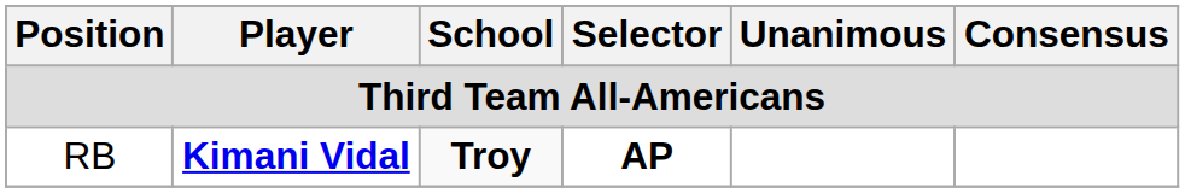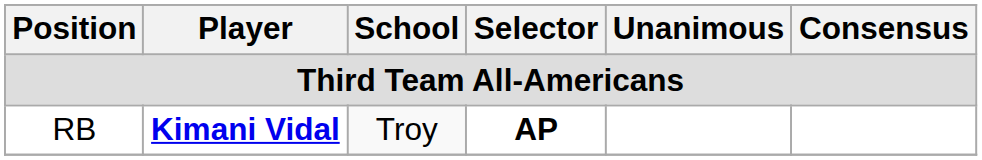 <table class="wikitable" border="0">
 <tr>
 <th>Position</th>
 <th>Player</th>
 <th>School</th>
 <th>Selector</th>
 <th>Unanimous</th>
 <th>Consensus</th>
 </tr>
 <tr>
 <td colspan="6" style="text-align:center; background:#ddd;"><strong>Third Team All-Americans</strong></td>
 </tr>
 <tr style="text-align:center;">
 <td style="background:white">RB</td>
 <td style="background:white"><strong><a href='#'>Kimani Vidal</a></strong></td>
-<td style=><strong>Troy</strong></td>
+<td style=>Troy</td>
 <td style="background:white"><strong>AP</strong></td>
 <td style="background:white"></td>
 <td style="background:white"></td>
 </tr>
 <tr>
 </tr>
 </table>
